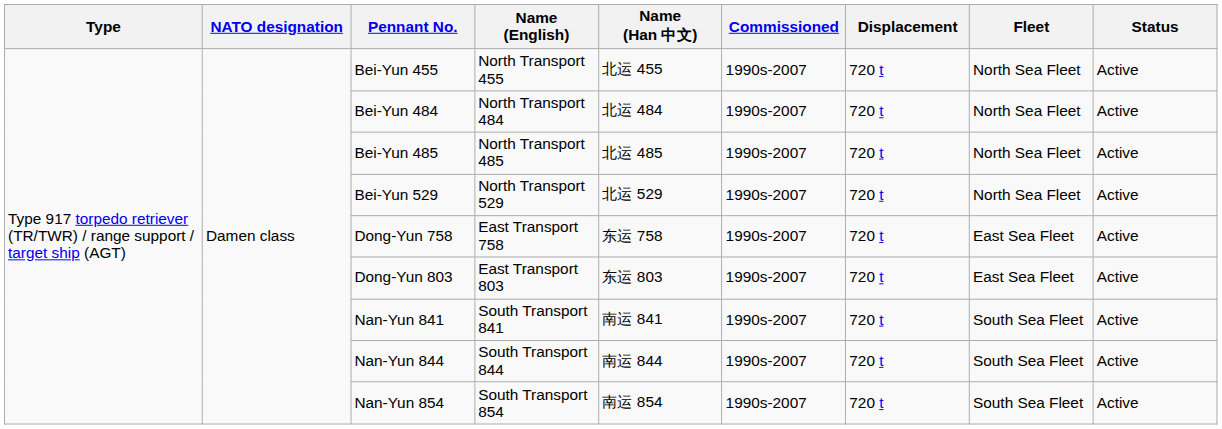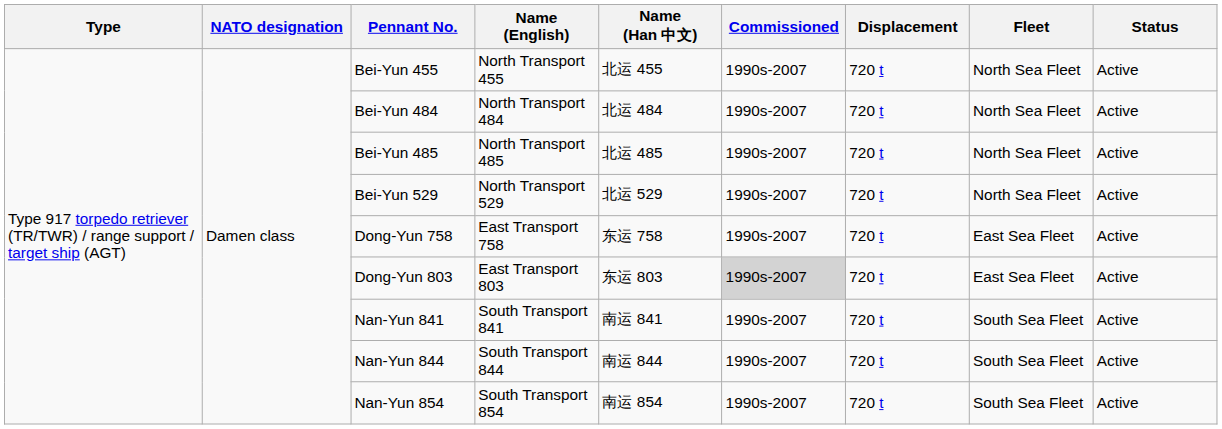 <table class="wikitable sortable"  style="margin:auto; width:100%;">
 <tr>
 <th style="text-align:center; width:16%;">Type</th>
 <th style="text-align:center; width:12%;"><a href='#'>NATO designation</a></th>
 <th style="text-align:center; width:10%;"><a href='#'>Pennant No.</a></th>
 <th style="text-align:center; width:10%;">Name<br>(English)</th>
 <th style="text-align:center; width:10%;">Name<br>(Han 中文)</th>
 <th style="text-align:center; width:10%;"><a href='#'>Commissioned</a></th>
 <th style="text-align:center; width:10%;">Displacement</th>
 <th style="text-align:center; width:10%;">Fleet</th>
 <th style="text-align:center; width:10%;">Status</th>
 </tr>
 <tr>
 <td rowspan="9">Type 917 <a href='#'>torpedo retriever</a> (TR/TWR) / range support / <a href='#'>target ship</a> (AGT)</td>
 <td rowspan="9">Damen class</td>
 <td>Bei-Yun 455</td>
 <td>North Transport 455</td>
 <td>北运 455</td>
 <td>1990s-2007</td>
 <td>720 <a href='#'>t</a></td>
 <td>North Sea Fleet</td>
 <td><span>Active</span></td>
 </tr>
 <tr>
 <td>Bei-Yun 484</td>
 <td>North Transport 484</td>
 <td>北运 484</td>
 <td>1990s-2007</td>
 <td>720 <a href='#'>t</a></td>
 <td>North Sea Fleet</td>
 <td><span>Active</span></td>
 </tr>
 <tr>
 <td>Bei-Yun 485</td>
 <td>North Transport 485</td>
 <td>北运 485</td>
 <td>1990s-2007</td>
 <td>720 <a href='#'>t</a></td>
 <td>North Sea Fleet</td>
 <td><span>Active</span></td>
 </tr>
 <tr>
 <td>Bei-Yun 529</td>
 <td>North Transport 529</td>
 <td>北运 529</td>
 <td>1990s-2007</td>
 <td>720 <a href='#'>t</a></td>
 <td>North Sea Fleet</td>
 <td><span>Active</span></td>
 </tr>
 <tr>
 <td>Dong-Yun 758</td>
 <td>East Transport 758</td>
 <td>东运 758</td>
 <td>1990s-2007</td>
 <td>720 <a href='#'>t</a></td>
 <td>East Sea Fleet</td>
 <td><span>Active</span></td>
 </tr>
 <tr>
 <td>Dong-Yun 803</td>
 <td>East Transport 803</td>
 <td>东运 803</td>
-<td>1990s-2007</td>
+<td style="background: lightgrey;">1990s-2007</td>
 <td>720 <a href='#'>t</a></td>
 <td>East Sea Fleet</td>
 <td><span>Active</span></td>
 </tr>
 <tr>
 <td>Nan-Yun 841</td>
 <td>South Transport 841</td>
 <td>南运 841</td>
 <td>1990s-2007</td>
 <td>720 <a href='#'>t</a></td>
 <td>South Sea Fleet</td>
 <td><span>Active</span></td>
 </tr>
 <tr>
 <td>Nan-Yun 844</td>
 <td>South Transport 844</td>
 <td>南运 844</td>
 <td>1990s-2007</td>
 <td>720 <a href='#'>t</a></td>
 <td>South Sea Fleet</td>
 <td><span>Active</span></td>
 </tr>
 <tr>
 <td>Nan-Yun 854</td>
 <td>South Transport 854</td>
 <td>南运 854</td>
 <td>1990s-2007</td>
 <td>720 <a href='#'>t</a></td>
 <td>South Sea Fleet</td>
 <td><span>Active</span></td>
 </tr>
 </table>
